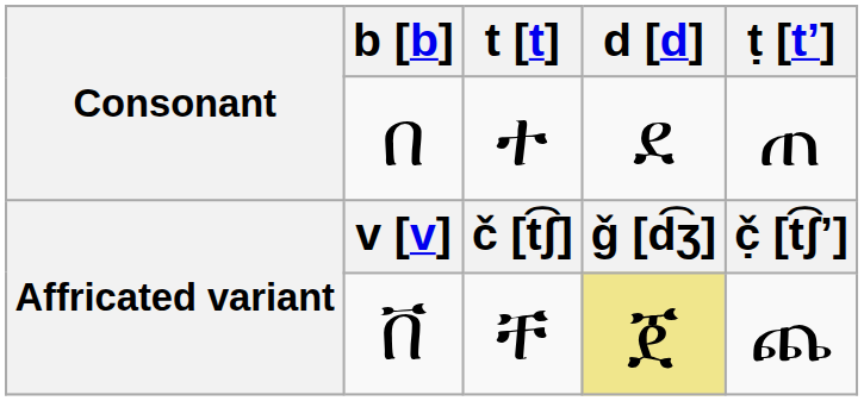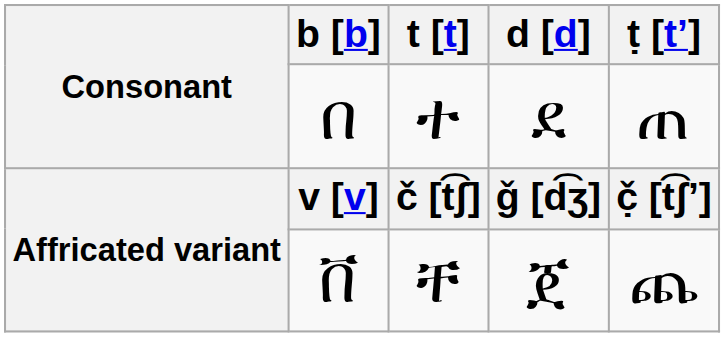 <table class="wikitable floatleft" style="text-align:center">
 <tr>
 <th rowspan="2">Consonant</th>
 <th><big>b [<a href='#'>b</a>]</big></th>
 <th><big>t [<a href='#'>t</a>]</big></th>
 <th><big>d [<a href='#'>d</a>]</big></th>
 <th><big>ṭ [<a href='#'>tʼ</a>]</big></th>
 </tr>
 <tr style="font-size:2em">
 <td>በ</td>
 <td>ተ</td>
 <td>ደ</td>
 <td>ጠ</td>
 </tr>
 <tr>
 <th rowspan="2">Affricated variant</th>
 <th><big>v [<a href='#'>v</a>]</big></th>
 <th><big>č [t͡ʃ]</big></th>
 <th><big>ǧ [d͡ʒ]</big></th>
 <th><big>č̣ [t͡ʃʼ]</big></th>
 </tr>
 <tr style="font-size:2em">
 <td>ቨ</td>
 <td>ቸ</td>
-<td style="background: khaki;">ጀ</td>
+<td>ጀ</td>
 <td>ጨ</td>
 </tr>
 </table>
